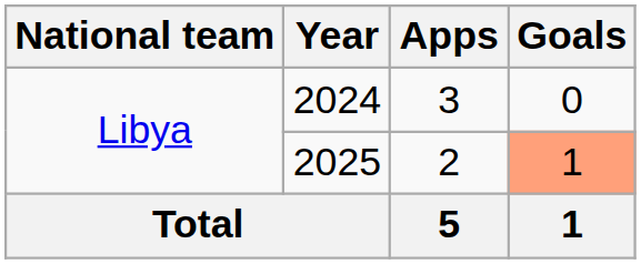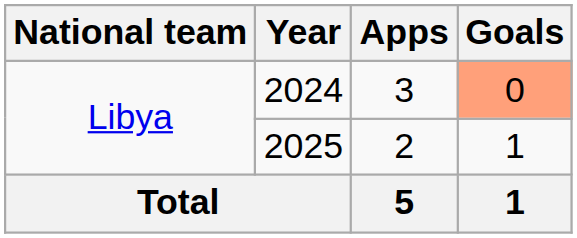 <table class="wikitable" style="text-align:center">
 <tr>
 <th>National team</th>
 <th>Year</th>
 <th>Apps</th>
 <th>Goals</th>
 </tr>
 <tr>
 <td rowspan="2"><a href='#'>Libya</a></td>
 <td>2024</td>
 <td>3</td>
-<td>0</td>
+<td style="background: lightsalmon;">0</td>
 </tr>
 <tr>
 <td>2025</td>
 <td>2</td>
-<td style="background: lightsalmon;">1</td>
+<td>1</td>
 </tr>
 <tr>
 <th colspan=2>Total</th>
 <th>5</th>
 <th>1</th>
 </tr>
 </table>
